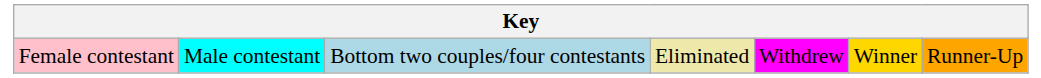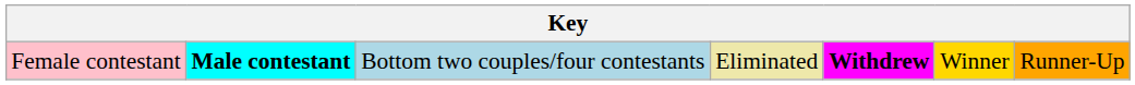 <table class="wikitable" style="margin:1em auto;">
 <tr>
 <th colspan="7">Key</th>
 </tr>
 <tr>
 <td style="background:pink;">Female contestant</td>
-<td style="background:cyan;">Male contestant</td>
+<td style="background:cyan;"><strong>Male contestant</strong></td>
 <td style="background:lightblue;">Bottom two couples/four contestants</td>
 <td style="background:palegoldenrod;">Eliminated</td>
-<td style="background:magenta;">Withdrew</td>
+<td style="background:magenta;"><strong>Withdrew</strong></td>
 <td style="background:gold;">Winner</td>
 <td style="background:orange;">Runner-Up</td>
 </tr>
 </table>
